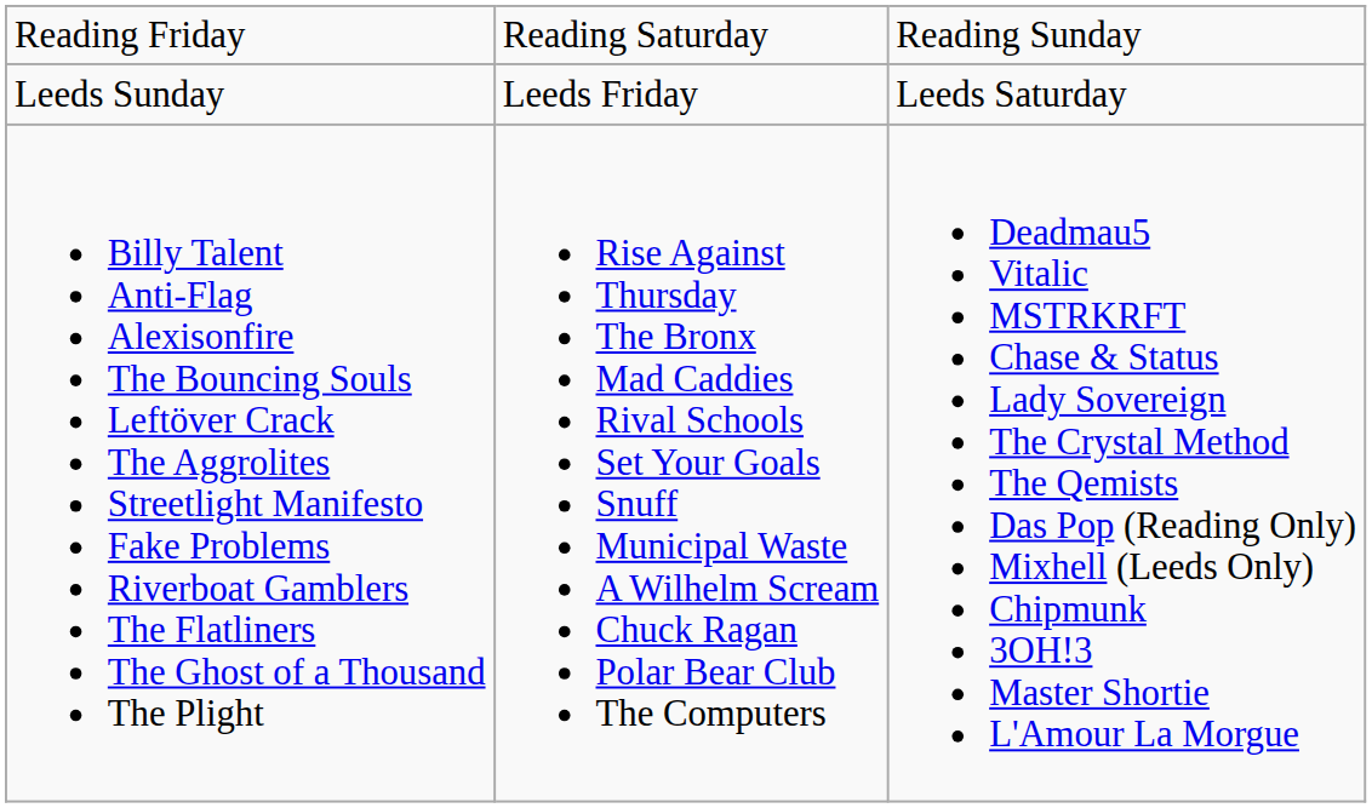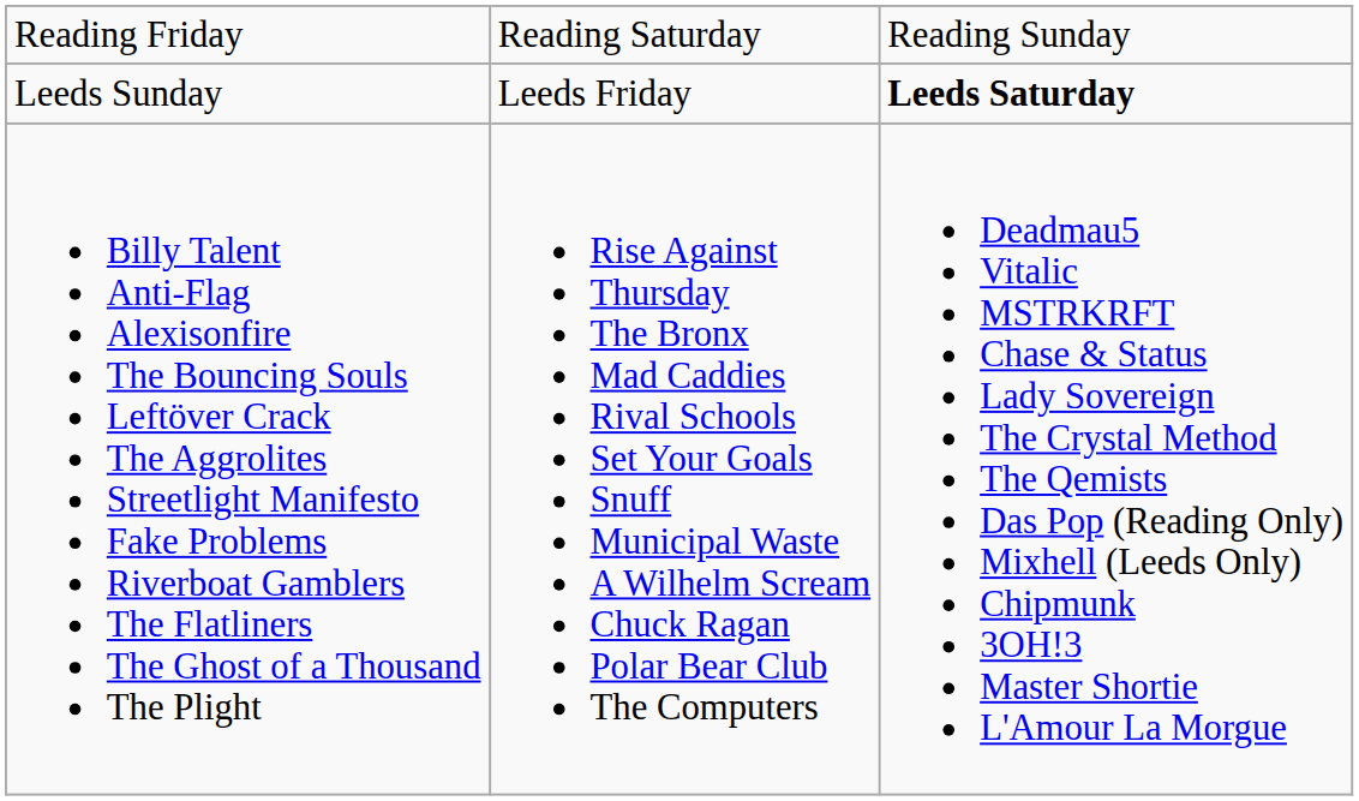 <table class="wikitable">
 <tr>
 <td>Reading Friday</td>
 <td>Reading Saturday</td>
 <td>Reading Sunday</td>
 </tr>
 <tr>
 <td>Leeds Sunday</td>
 <td>Leeds Friday</td>
-<td>Leeds Saturday</td>
+<td><strong>Leeds Saturday</strong></td>
 </tr>
 <tr>
 <td><br><ul><li><a href='#'>Billy Talent</a></li><li><a href='#'>Anti-Flag</a></li><li><a href='#'>Alexisonfire</a></li><li><a href='#'>The Bouncing Souls</a></li><li><a href='#'>Leftöver Crack</a></li><li><a href='#'>The Aggrolites</a></li><li><a href='#'>Streetlight Manifesto</a></li><li><a href='#'>Fake Problems</a></li><li><a href='#'>Riverboat Gamblers</a></li><li><a href='#'>The Flatliners</a></li><li><a href='#'>The Ghost of a Thousand</a></li><li>The Plight</li></ul></td>
 <td><br><ul><li><a href='#'>Rise Against</a></li><li><a href='#'>Thursday</a></li><li><a href='#'>The Bronx</a></li><li><a href='#'>Mad Caddies</a></li><li><a href='#'>Rival Schools</a></li><li><a href='#'>Set Your Goals</a></li><li><a href='#'>Snuff</a></li><li><a href='#'>Municipal Waste</a></li><li><a href='#'>A Wilhelm Scream</a></li><li><a href='#'>Chuck Ragan</a></li><li><a href='#'>Polar Bear Club</a></li><li>The Computers</li></ul></td>
 <td><br><ul><li><a href='#'>Deadmau5</a></li><li><a href='#'>Vitalic</a></li><li><a href='#'>MSTRKRFT</a></li><li><a href='#'>Chase & Status</a></li><li><a href='#'>Lady Sovereign</a></li><li><a href='#'>The Crystal Method</a></li><li><a href='#'>The Qemists</a></li><li><a href='#'>Das Pop</a> (Reading Only)</li><li><a href='#'>Mixhell</a> (Leeds Only)</li><li><a href='#'>Chipmunk</a></li><li><a href='#'>3OH!3</a></li><li><a href='#'>Master Shortie</a></li><li><a href='#'>L'Amour La Morgue</a></li></ul></td>
 </tr>
 </table>
